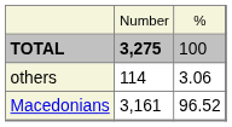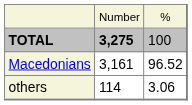 <table border=1 cellpadding=4 cellspacing=0 class="toccolours" style="align: left; margin: 0.5em 0 0 0; border-style: solid; border: 1px solid #7f7f7f; border-right-width: 2px; border-bottom-width: 2px; border-collapse: collapse; font-size: 95%;">
 <tr>
 <td style="background:#F5F5DC;"></td>
 <td style="background:#F5F5DC;" align="center"><small>Number</small></td>
 <td style="background:#F5F5DC;" align="center"><small>%</small></td>
 </tr>
 <tr>
 <td style="background:#c1c1c1;"><strong>TOTAL</strong></td>
 <td style="background:#c1c1c1;"><strong>3,275</strong></td>
 <td style="background:#c1c1c1;">100</td>
 </tr>
 <tr>
+<td style="background:#F5F5DC;"><a href='#'>Macedonians</a></td>
+<td>3,161</td>
+<td>96.52</td>
+</tr>
+<tr>
 <td style="background:#F5F5DC;">others</td>
 <td>114</td>
 <td>3.06</td>
 </tr>
-<tr>
-<td style="background:#F5F5DC;"><a href='#'>Macedonians</a></td>
-<td>3,161</td>
-<td>96.52</td>
-</tr>
 </table>
